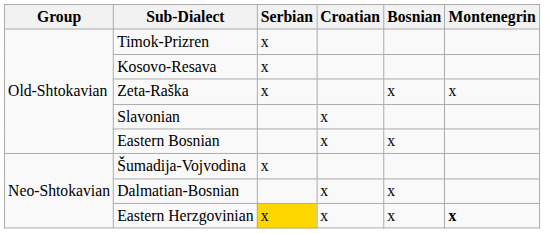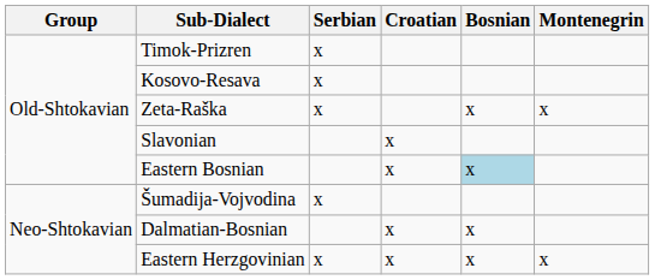 <table class="wikitable">
 <tr>
 <th>Group</th>
 <th>Sub-Dialect</th>
 <th>Serbian</th>
 <th>Croatian</th>
 <th>Bosnian</th>
 <th>Montenegrin</th>
 </tr>
 <tr>
 <td rowspan=5>Old-Shtokavian</td>
 <td>Timok-Prizren</td>
 <td>x</td>
 <td></td>
 <td></td>
 <td></td>
 </tr>
 <tr>
 <td>Kosovo-Resava</td>
 <td>x</td>
 <td></td>
 <td></td>
 <td></td>
 </tr>
 <tr>
 <td>Zeta-Raška</td>
 <td>x</td>
 <td></td>
 <td>x</td>
 <td>x</td>
 </tr>
 <tr>
 <td>Slavonian</td>
 <td></td>
 <td>x</td>
 <td></td>
 <td></td>
 </tr>
 <tr>
 <td>Eastern Bosnian</td>
 <td></td>
 <td>x</td>
-<td>x</td>
+<td style="background: lightblue;">x</td>
 <td></td>
 </tr>
 <tr>
 <td rowspan=3>Neo-Shtokavian</td>
 <td>Šumadija-Vojvodina</td>
 <td>x</td>
 <td></td>
 <td></td>
 <td></td>
 </tr>
 <tr>
 <td>Dalmatian-Bosnian</td>
 <td></td>
 <td>x</td>
 <td>x</td>
 <td></td>
 </tr>
 <tr>
 <td>Eastern Herzgovinian</td>
-<td style="background: gold;">x</td>
 <td>x</td>
 <td>x</td>
-<td><strong>x</strong></td>
+<td>x</td>
+<td>x</td>
 </tr>
 </table>
